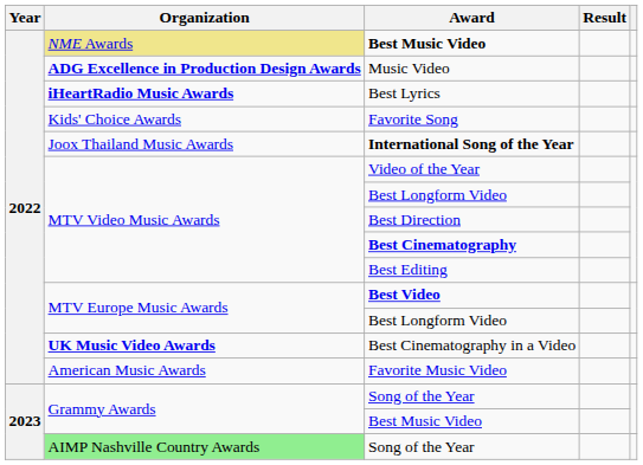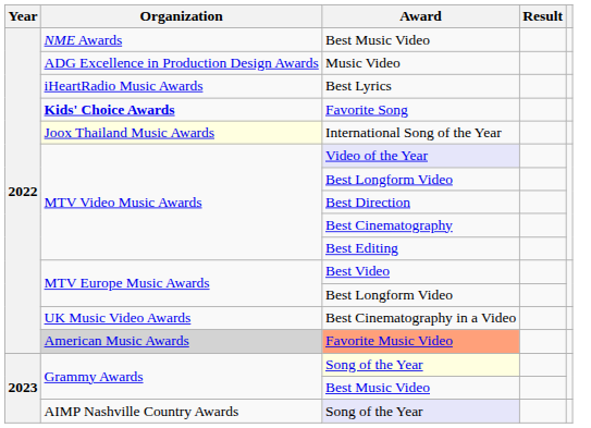 <table class="wikitable plainrowheaders">
 <tr align="center">
 <th scope="col">Year</th>
 <th scope="col">Organization</th>
 <th scope="col">Award</th>
 <th scope="col">Result</th>
 <th scope="col" class="unsortable"></th>
 </tr>
 <tr>
 <th rowspan="14" scope="row">2022</th>
-<td style="background: khaki;"><a href='#'><em>NME</em> Awards</a></td>
-<td><strong>Best Music Video</strong></td>
+<td><a href='#'><em>NME</em> Awards</a></td>
+<td>Best Music Video</td>
 <td></td>
 <td></td>
 </tr>
 <tr>
-<td><strong><a href='#'>ADG Excellence in Production Design Awards</a></strong></td>
+<td><a href='#'>ADG Excellence in Production Design Awards</a></td>
 <td>Music Video</td>
 <td></td>
 <td></td>
 </tr>
 <tr>
-<td><strong><a href='#'>iHeartRadio Music Awards</a></strong></td>
+<td><a href='#'>iHeartRadio Music Awards</a></td>
 <td>Best Lyrics</td>
 <td></td>
 <td></td>
 </tr>
 <tr>
-<td><a href='#'>Kids' Choice Awards</a></td>
+<td><strong><a href='#'>Kids' Choice Awards</a></strong></td>
 <td><a href='#'>Favorite Song</a></td>
 <td></td>
 <td></td>
 </tr>
 <tr>
-<td><a href='#'>Joox Thailand Music Awards</a></td>
-<td><strong>International Song of the Year</strong></td>
+<td style="background: lightyellow;"><a href='#'>Joox Thailand Music Awards</a></td>
+<td>International Song of the Year</td>
 <td></td>
 <td></td>
 </tr>
 <tr>
 <td rowspan="5"><a href='#'>MTV Video Music Awards</a></td>
-<td><a href='#'>Video of the Year</a></td>
+<td style="background: lavender;"><a href='#'>Video of the Year</a></td>
 <td></td>
 <td rowspan="5"></td>
 </tr>
 <tr>
 <td><a href='#'>Best Longform Video</a></td>
 <td></td>
 </tr>
 <tr>
 <td><a href='#'>Best Direction</a></td>
 <td></td>
 </tr>
 <tr>
-<td><strong><a href='#'>Best Cinematography</a></strong></td>
+<td><a href='#'>Best Cinematography</a></td>
 <td></td>
 </tr>
 <tr>
 <td><a href='#'>Best Editing</a></td>
 <td></td>
 </tr>
 <tr>
 <td rowspan="2"><a href='#'>MTV Europe Music Awards</a></td>
-<td><strong><a href='#'>Best Video</a></strong></td>
+<td><a href='#'>Best Video</a></td>
 <td></td>
 <td rowspan="2"></td>
 </tr>
 <tr>
 <td>Best Longform Video</td>
 <td></td>
 </tr>
 <tr>
-<td><strong><a href='#'>UK Music Video Awards</a></strong></td>
+<td><a href='#'>UK Music Video Awards</a></td>
 <td>Best Cinematography in a Video</td>
 <td></td>
 <td></td>
 </tr>
 <tr>
-<td><a href='#'>American Music Awards</a></td>
-<td><a href='#'>Favorite Music Video</a></td>
+<td style="background: lightgrey;"><a href='#'>American Music Awards</a></td>
+<td style="background: lightsalmon;"><a href='#'>Favorite Music Video</a></td>
 <td></td>
 <td></td>
 </tr>
 <tr>
 <th rowspan="3" scope="row">2023</th>
 <td rowspan="2"><a href='#'>Grammy Awards</a></td>
-<td><a href='#'>Song of the Year</a></td>
+<td style="background: lightyellow;"><a href='#'>Song of the Year</a></td>
 <td></td>
 <td rowspan="2"></td>
 </tr>
 <tr>
 <td><a href='#'>Best Music Video</a></td>
 <td></td>
 </tr>
 <tr>
-<td style="background: lightgreen;">AIMP Nashville Country Awards</td>
-<td>Song of the Year</td>
+<td>AIMP Nashville Country Awards</td>
+<td style="background: lavender;">Song of the Year</td>
 <td></td>
 <td></td>
 </tr>
 </table>
